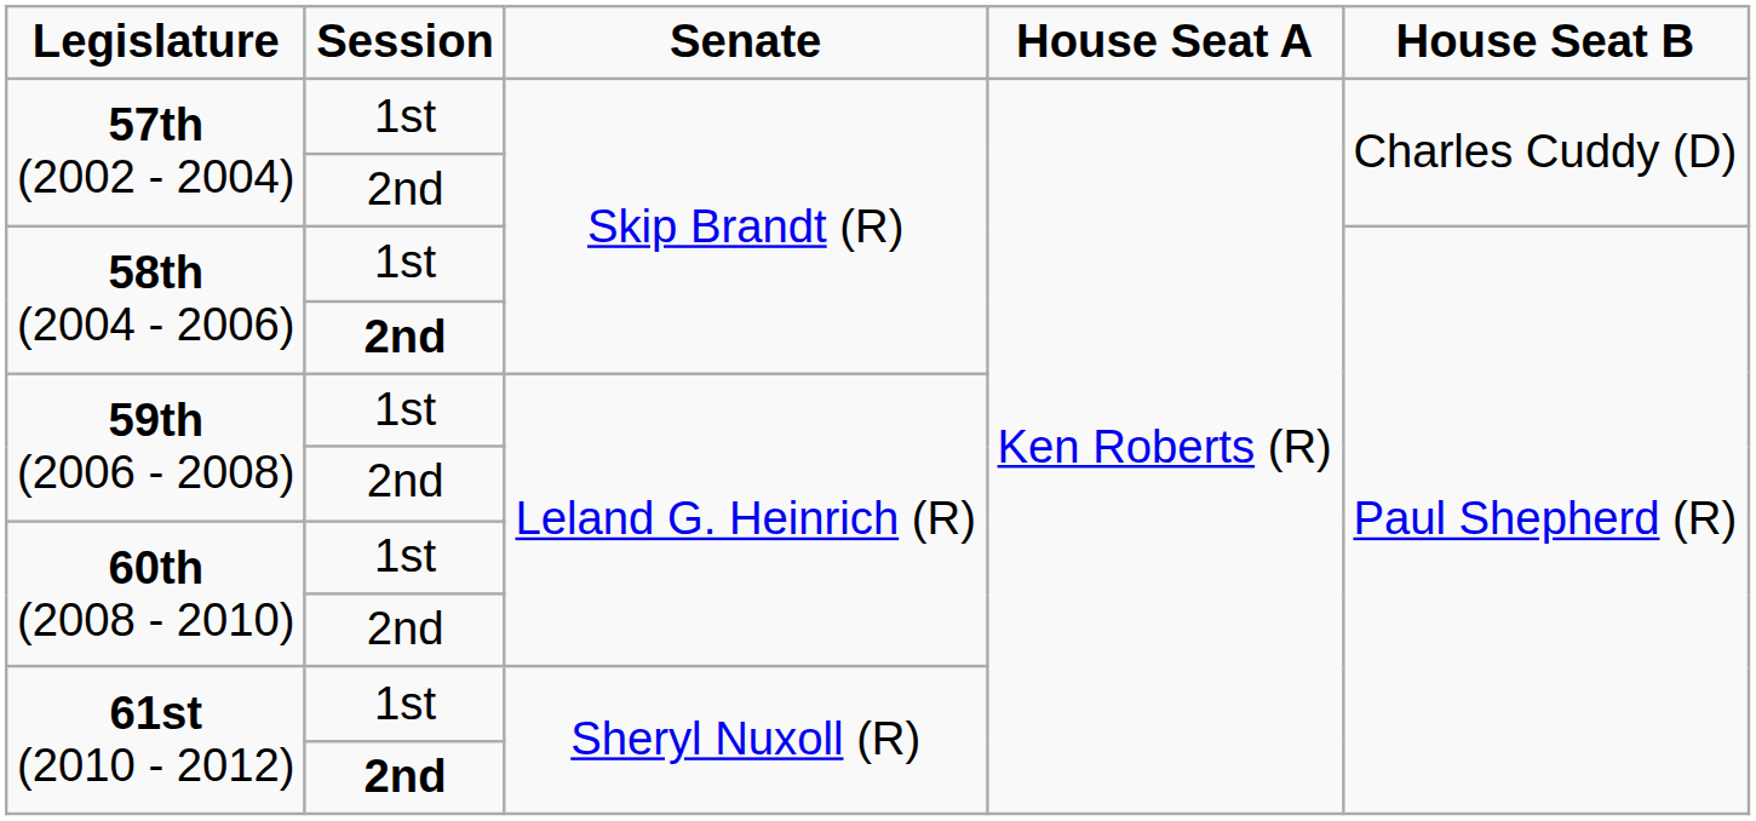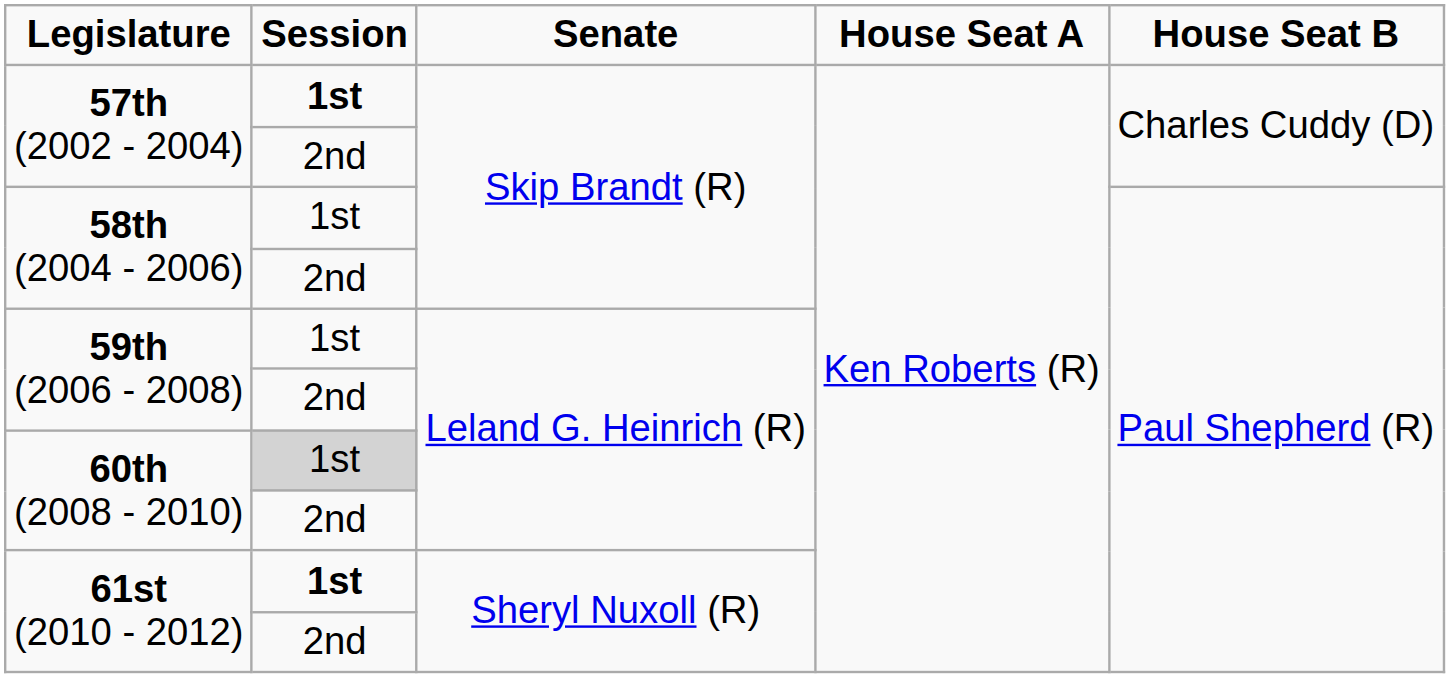 <table class=wikitable style="text-align:center">
 <tr>
 <td><strong>Legislature</strong></td>
 <td><strong>Session</strong></td>
 <td><strong>Senate</strong></td>
 <td><strong>House Seat A</strong></td>
 <td><strong>House Seat B</strong></td>
 </tr>
 <tr>
 <td rowspan="2" colspan="1" style="text-align: center;"><strong>57th</strong> <br> (2002 - 2004)</td>
-<td>1st</td>
+<td><strong>1st</strong></td>
 <td rowspan="4" colspan="1" style="text-align: center;" ><a href='#'>Skip Brandt</a> (R)</td>
 <td rowspan="10" colspan="1" style="text-align: center;" ><a href='#'>Ken Roberts</a> (R)</td>
 <td rowspan="2" colspan="1" style="text-align: center;" >Charles Cuddy (D)</td>
 </tr>
 <tr>
 <td>2nd</td>
 </tr>
 <tr>
 <td rowspan="2" colspan="1" style="text-align: center;"><strong>58th</strong> <br> (2004 - 2006)</td>
 <td>1st</td>
 <td rowspan="8" colspan="1" style="text-align: center;" ><a href='#'>Paul Shepherd</a> (R)</td>
 </tr>
 <tr>
-<td><strong>2nd</strong></td>
+<td>2nd</td>
 </tr>
 <tr>
 <td rowspan="2" colspan="1" style="text-align: center;"><strong>59th</strong> <br> (2006 - 2008)</td>
 <td>1st</td>
 <td rowspan="4" colspan="1" style="text-align: center;" ><a href='#'>Leland G. Heinrich</a> (R)</td>
 </tr>
 <tr>
 <td>2nd</td>
 </tr>
 <tr>
 <td rowspan="2" colspan="1" style="text-align: center;"><strong>60th</strong> <br> (2008 - 2010)</td>
-<td>1st</td>
+<td style="background: lightgrey;">1st</td>
 </tr>
 <tr>
 <td>2nd</td>
 </tr>
 <tr>
 <td rowspan="2" colspan="1" style="text-align: center;"><strong>61st</strong> <br> (2010 - 2012)</td>
-<td>1st</td>
+<td><strong>1st</strong></td>
 <td rowspan="2" colspan="1" style="text-align: center;" ><a href='#'>Sheryl Nuxoll</a> (R)</td>
 </tr>
 <tr>
-<td><strong>2nd</strong></td>
+<td>2nd</td>
 </tr>
 </table>
